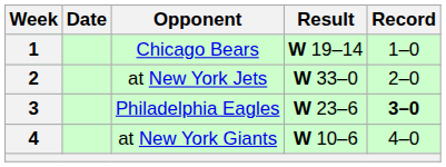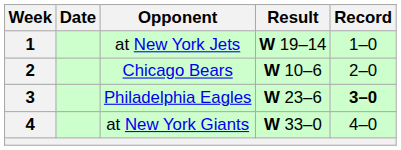 <table class="wikitable" style="text-align:center">
 <tr>
 <th>Week</th>
 <th>Date</th>
 <th>Opponent</th>
 <th>Result</th>
 <th>Record</th>
 </tr>
 <tr style="background:#cfc">
 <th>1</th>
 <td></td>
-<td><a href='#'>Chicago Bears</a></td>
+<td>at <a href='#'>New York Jets</a></td>
 <td><strong>W</strong> 19–14</td>
 <td>1–0</td>
 </tr>
 <tr style="background:#cfc">
 <th>2</th>
 <td></td>
-<td>at <a href='#'>New York Jets</a></td>
-<td><strong>W</strong> 33–0</td>
+<td><a href='#'>Chicago Bears</a></td>
+<td><strong>W</strong> 10–6</td>
 <td>2–0</td>
 </tr>
 <tr style="background:#cfc">
 <th>3</th>
 <td></td>
 <td><a href='#'>Philadelphia Eagles</a></td>
 <td><strong>W</strong> 23–6</td>
 <td><strong>3–0</strong></td>
 </tr>
 <tr style="background:#cfc">
 <th>4</th>
 <td></td>
 <td>at <a href='#'>New York Giants</a></td>
-<td><strong>W</strong> 10–6</td>
+<td><strong>W</strong> 33–0</td>
 <td>4–0</td>
 </tr>
 <tr>
 <th colspan="5"></th>
 </tr>
 </table>
